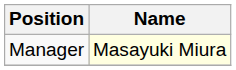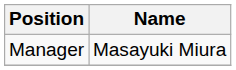 <table class="wikitable">
 <tr>
 <th>Position</th>
 <th>Name</th>
 </tr>
 <tr>
 <td>Manager</td>
-<td style="background: lightyellow;"> Masayuki Miura</td>
+<td> Masayuki Miura</td>
 </tr>
 <tr>
 </tr>
 </table>
